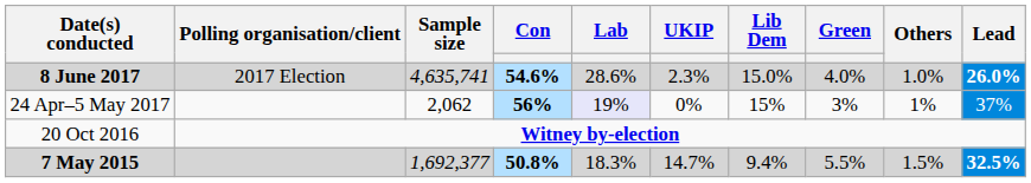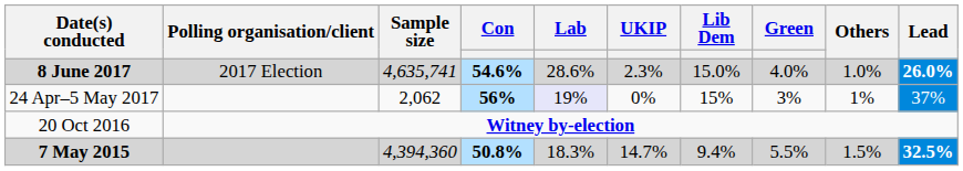 <table class="wikitable sortable mw-datatable" style="text-align:center;font-size:90%;line-height:14px;">
 <tr>
 <th rowspan="2">Date(s)<br>conducted</th>
 <th rowspan="2">Polling organisation/client</th>
 <th rowspan="2">Sample<br>size</th>
 <th style="width:50px;" class="unsortable"><a href='#'>Con</a></th>
 <th style="width:50px;" class="unsortable"><a href='#'>Lab</a></th>
 <th style="width:50px;" class="unsortable"><a href='#'>UKIP</a></th>
 <th style="width:50px;" class="unsortable"><a href='#'>Lib Dem</a></th>
 <th style="width:50px;" class="unsortable"><a href='#'>Green</a></th>
 <th style="width:50px;" rowspan="2" class="unsortable">Others</th>
 <th class="unsortable" style="width:20px;" rowspan="2">Lead</th>
 </tr>
 <tr>
 <th class="unsortable" style="color:inherit;background:"></th>
 <th class="unsortable" style="color:inherit;background:"></th>
 <th class="unsortable" style="color:inherit;background:"></th>
 <th class="unsortable" style="color:inherit;background:"></th>
 <th class="unsortable" style="color:inherit;background:"></th>
 </tr>
 <tr>
 <td style="background:#D5D5D5"><strong>8 June 2017</strong></td>
 <td style="background:#D5D5D5">2017 Election</td>
 <td style="background:#D5D5D5"><em>4,635,741</em></td>
 <td style="background:#B3E0FF"><strong>54.6%</strong></td>
 <td style="background:#D5D5D5">28.6%</td>
 <td style="background:#D5D5D5">2.3%</td>
 <td style="background:#D5D5D5">15.0%</td>
 <td style="background:#D5D5D5">4.0%</td>
 <td style="background:#D5D5D5">1.0%</td>
 <td style="background:#0087DC; color:white;"><strong>26.0%</strong></td>
 </tr>
 <tr>
 <td>24 Apr–5 May 2017</td>
 <td></td>
 <td>2,062</td>
 <td style="background:#B3E0FF"><strong>56%</strong></td>
 <td style="background: lavender;">19%</td>
 <td>0%</td>
 <td>15%</td>
 <td>3%</td>
 <td>1%</td>
 <td style="background:#0087DC; color:white;">37%</td>
 </tr>
 <tr>
 <td>20 Oct 2016</td>
 <td colspan="10"><strong><a href='#'>Witney by-election</a></strong></td>
 </tr>
 <tr>
 <td style="background:#D5D5D5"><strong>7 May 2015</strong></td>
 <td style="background:#D5D5D5"></td>
-<td style="background:#D5D5D5"><em>1,692,377</em></td>
+<td style="background:#D5D5D5"><em>4,394,360</em></td>
 <td style="background:#B3E0FF"><strong>50.8%</strong></td>
 <td style="background:#D5D5D5">18.3%</td>
 <td style="background:#D5D5D5">14.7%</td>
 <td style="background:#D5D5D5">9.4%</td>
 <td style="background:#D5D5D5">5.5%</td>
 <td style="background:#D5D5D5">1.5%</td>
 <td style="background:#0087DC; color:white;"><strong>32.5%</strong></td>
 </tr>
 </table>
